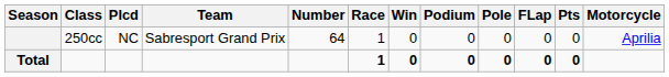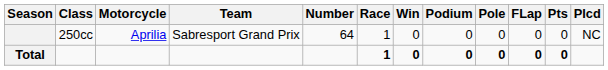 <table class="wikitable">
 <tr>
 <th>Season</th>
 <th>Class</th>
-<th>Plcd</th>
+<th>Motorcycle</th>
 <th>Team</th>
 <th>Number</th>
 <th>Race</th>
 <th>Win</th>
 <th>Podium</th>
 <th>Pole</th>
 <th>FLap</th>
 <th>Pts</th>
-<th>Motorcycle</th>
+<th>Plcd</th>
 </tr>
 <tr align="right">
 <th></th>
 <td>250cc</td>
-<td>NC</td>
+<td><a href='#'>Aprilia</a></td>
 <td>Sabresport Grand Prix</td>
 <td>64</td>
 <td>1</td>
 <td>0</td>
 <td>0</td>
 <td>0</td>
 <td>0</td>
 <td>0</td>
-<td><a href='#'>Aprilia</a></td>
+<td>NC</td>
 </tr>
 <tr align="right">
 <th>Total</th>
 <td></td>
 <td></td>
 <td></td>
 <td></td>
 <td><strong>1</strong></td>
 <td><strong>0</strong></td>
 <td><strong>0</strong></td>
 <td><strong>0</strong></td>
 <td><strong>0</strong></td>
 <td><strong>0</strong></td>
 <td></td>
 </tr>
 </table>
